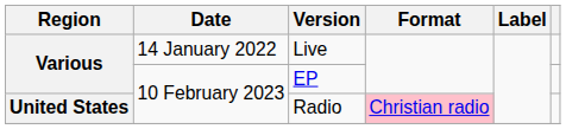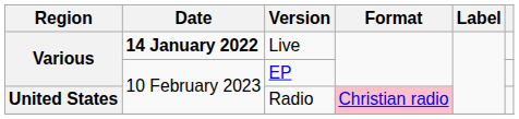 <table class="wikitable plainrowheaders">
 <tr>
 <th scope="col">Region</th>
 <th scope="col">Date</th>
 <th scope="col">Version</th>
 <th scope="col">Format</th>
 <th scope="col">Label</th>
 <th scope="col"></th>
 </tr>
 <tr>
 <th scope="row" rowspan="2">Various</th>
-<td>14 January 2022</td>
+<td><strong>14 January 2022</strong></td>
 <td>Live</td>
 <td rowspan="2"></td>
 <td rowspan="3"></td>
 <td></td>
 </tr>
 <tr>
 <td rowspan="2">10 February 2023</td>
 <td><a href='#'>EP</a></td>
 <td></td>
 </tr>
 <tr>
 <th scope="row">United States</th>
 <td>Radio</td>
 <td style="background: pink;"><a href='#'>Christian radio</a></td>
 <td></td>
 </tr>
 <tr>
 </tr>
 </table>
